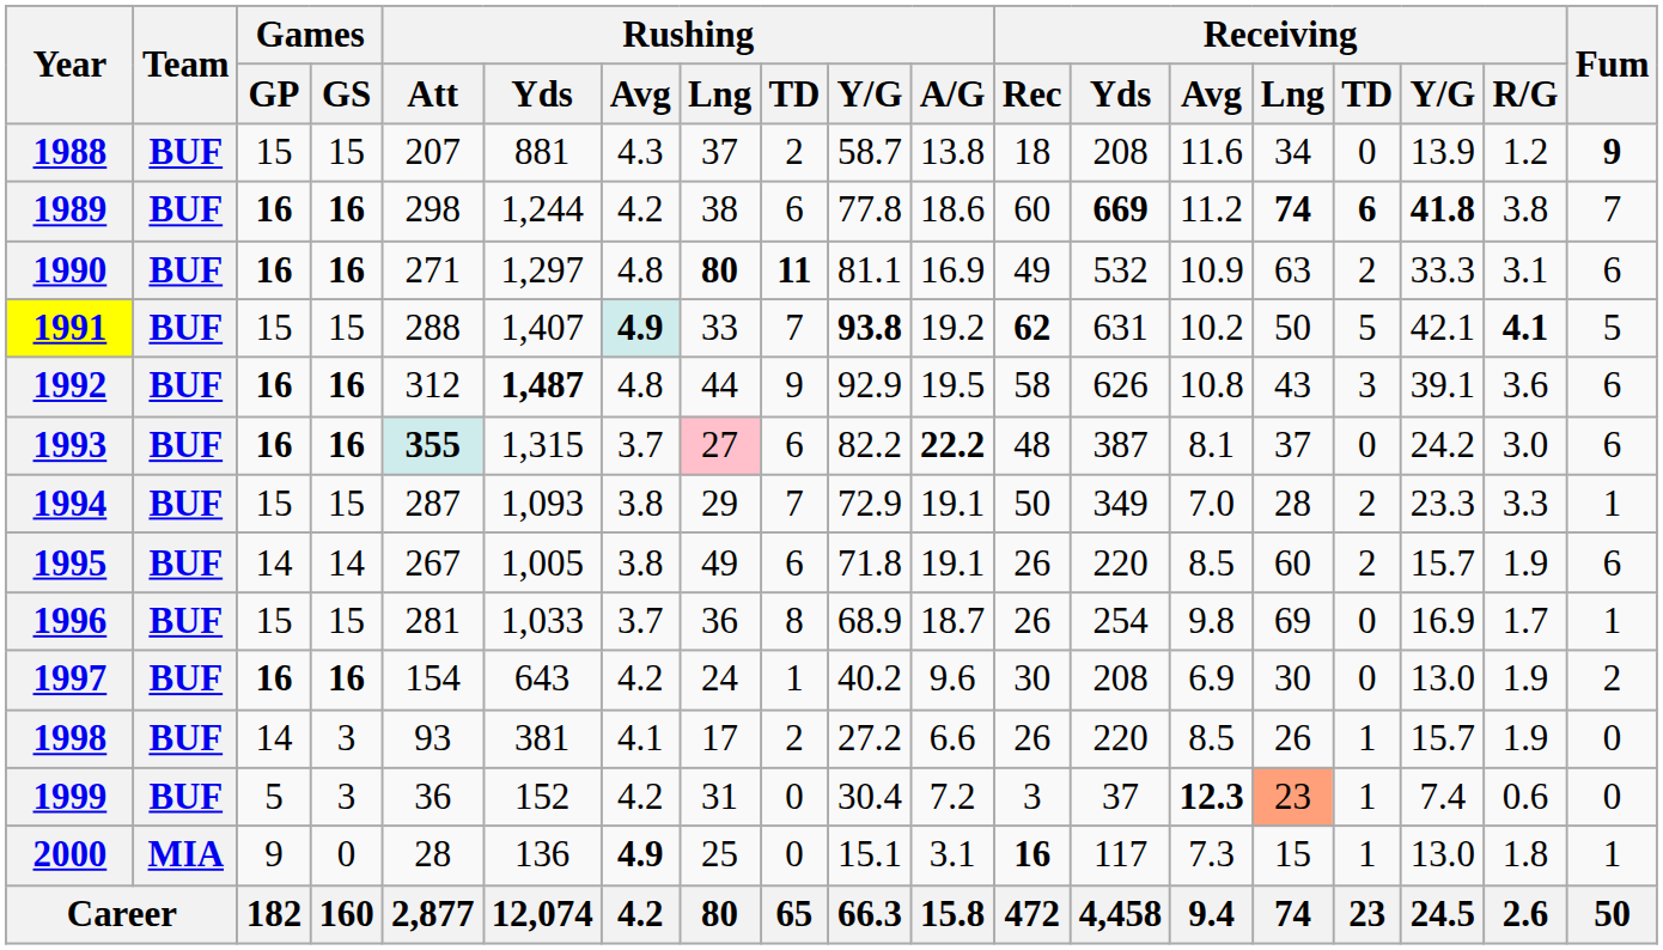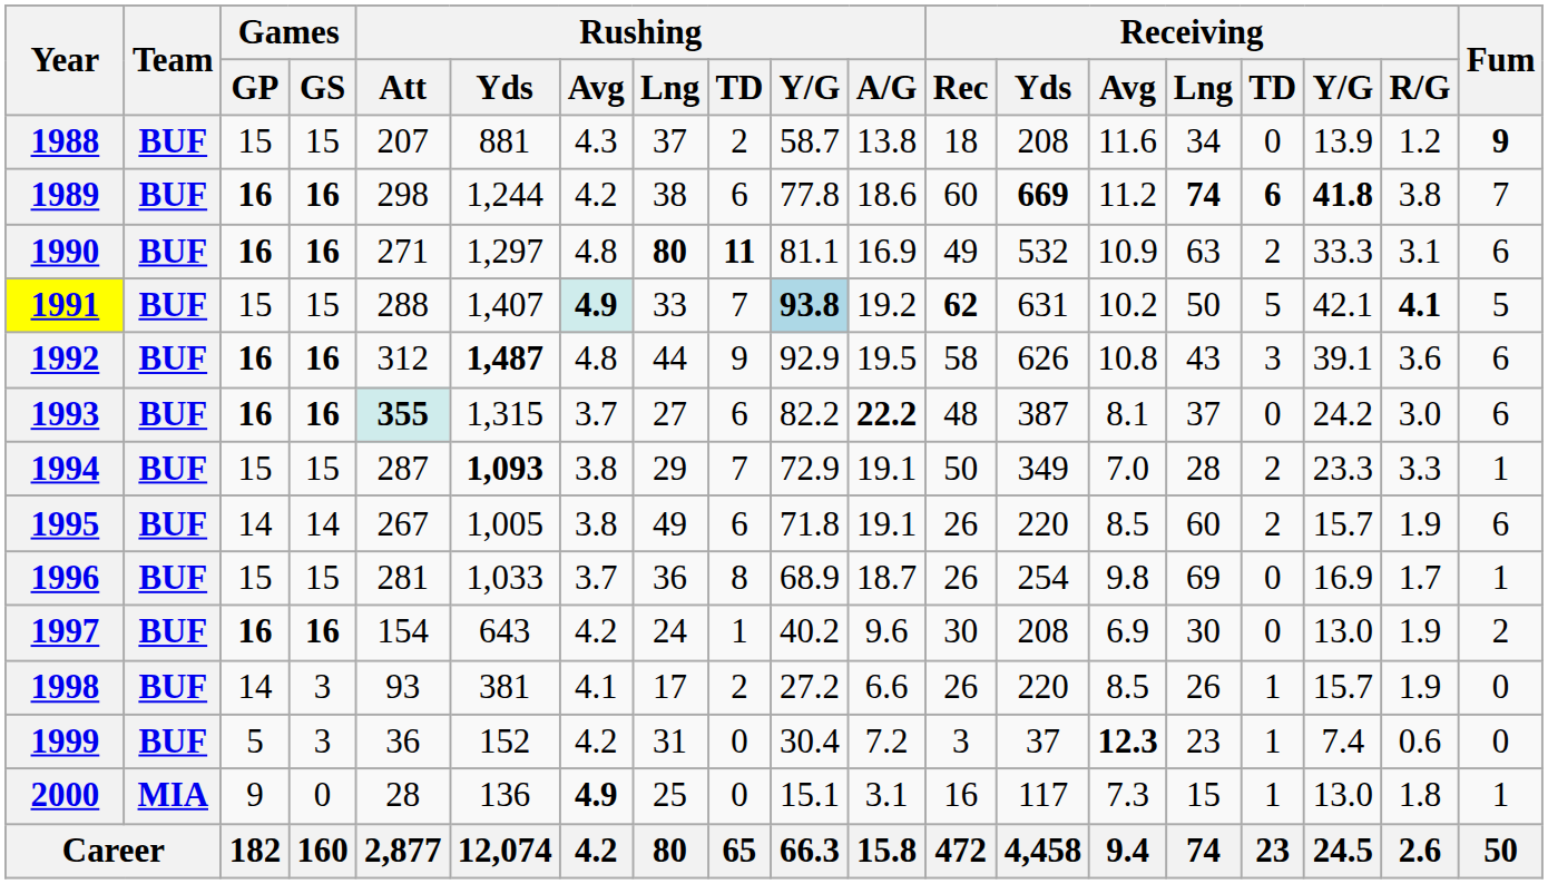 <table class="wikitable" style="text-align: center;">
 <tr>
 <th rowspan="2">Year</th>
 <th rowspan="2">Team</th>
 <th colspan="2">Games</th>
 <th colspan="7">Rushing</th>
 <th colspan="7">Receiving</th>
 <th rowspan="2">Fum</th>
 </tr>
 <tr>
 <th>GP</th>
 <th>GS</th>
 <th>Att</th>
 <th>Yds</th>
 <th>Avg</th>
 <th>Lng</th>
 <th>TD</th>
 <th>Y/G</th>
 <th>A/G</th>
 <th>Rec</th>
 <th>Yds</th>
 <th>Avg</th>
 <th>Lng</th>
 <th>TD</th>
 <th>Y/G</th>
 <th>R/G</th>
 </tr>
 <tr>
 <th><a href='#'>1988</a></th>
 <th><a href='#'>BUF</a></th>
 <td>15</td>
 <td>15</td>
 <td>207</td>
 <td>881</td>
 <td>4.3</td>
 <td>37</td>
 <td>2</td>
 <td>58.7</td>
 <td>13.8</td>
 <td>18</td>
 <td>208</td>
 <td>11.6</td>
 <td>34</td>
 <td>0</td>
 <td>13.9</td>
 <td>1.2</td>
 <td><strong>9</strong></td>
 </tr>
 <tr>
 <th><a href='#'>1989</a></th>
 <th><a href='#'>BUF</a></th>
 <td><strong>16</strong></td>
 <td><strong>16</strong></td>
 <td>298</td>
 <td>1,244</td>
 <td>4.2</td>
 <td>38</td>
 <td>6</td>
 <td>77.8</td>
 <td>18.6</td>
 <td>60</td>
 <td><strong>669</strong></td>
 <td>11.2</td>
 <td><strong>74</strong></td>
 <td><strong>6</strong></td>
 <td><strong>41.8</strong></td>
 <td>3.8</td>
 <td>7</td>
 </tr>
 <tr>
 <th><a href='#'>1990</a></th>
 <th><a href='#'>BUF</a></th>
 <td><strong>16</strong></td>
 <td><strong>16</strong></td>
 <td>271</td>
 <td>1,297</td>
 <td>4.8</td>
 <td><strong>80</strong></td>
 <td><strong>11</strong></td>
 <td>81.1</td>
 <td>16.9</td>
 <td>49</td>
 <td>532</td>
 <td>10.9</td>
 <td>63</td>
 <td>2</td>
 <td>33.3</td>
 <td>3.1</td>
 <td>6</td>
 </tr>
 <tr>
 <th style="background:#ffff00; width:3em;"><a href='#'>1991</a></th>
 <th><a href='#'>BUF</a></th>
 <td>15</td>
 <td>15</td>
 <td>288</td>
 <td>1,407</td>
 <td style="background:#cfecec;"><strong>4.9</strong></td>
 <td>33</td>
 <td>7</td>
-<td><strong>93.8</strong></td>
+<td style="background: lightblue;"><strong>93.8</strong></td>
 <td>19.2</td>
 <td><strong>62</strong></td>
 <td>631</td>
 <td>10.2</td>
 <td>50</td>
 <td>5</td>
 <td>42.1</td>
 <td><strong>4.1</strong></td>
 <td>5</td>
 </tr>
 <tr>
 <th><a href='#'>1992</a></th>
 <th><a href='#'>BUF</a></th>
 <td><strong>16</strong></td>
 <td><strong>16</strong></td>
 <td>312</td>
 <td><strong>1,487</strong></td>
 <td>4.8</td>
 <td>44</td>
 <td>9</td>
 <td>92.9</td>
 <td>19.5</td>
 <td>58</td>
 <td>626</td>
 <td>10.8</td>
 <td>43</td>
 <td>3</td>
 <td>39.1</td>
 <td>3.6</td>
 <td>6</td>
 </tr>
 <tr>
 <th><a href='#'>1993</a></th>
 <th><a href='#'>BUF</a></th>
 <td><strong>16</strong></td>
 <td><strong>16</strong></td>
 <td style="background:#cfecec;"><strong>355</strong></td>
 <td>1,315</td>
 <td>3.7</td>
-<td style="background: pink;">27</td>
+<td>27</td>
 <td>6</td>
 <td>82.2</td>
 <td><strong>22.2</strong></td>
 <td>48</td>
 <td>387</td>
 <td>8.1</td>
 <td>37</td>
 <td>0</td>
 <td>24.2</td>
 <td>3.0</td>
 <td>6</td>
 </tr>
 <tr>
 <th><a href='#'>1994</a></th>
 <th><a href='#'>BUF</a></th>
 <td>15</td>
 <td>15</td>
 <td>287</td>
-<td>1,093</td>
+<td><strong>1,093</strong></td>
 <td>3.8</td>
 <td>29</td>
 <td>7</td>
 <td>72.9</td>
 <td>19.1</td>
 <td>50</td>
 <td>349</td>
 <td>7.0</td>
 <td>28</td>
 <td>2</td>
 <td>23.3</td>
 <td>3.3</td>
 <td>1</td>
 </tr>
 <tr>
 <th><a href='#'>1995</a></th>
 <th><a href='#'>BUF</a></th>
 <td>14</td>
 <td>14</td>
 <td>267</td>
 <td>1,005</td>
 <td>3.8</td>
 <td>49</td>
 <td>6</td>
 <td>71.8</td>
 <td>19.1</td>
 <td>26</td>
 <td>220</td>
 <td>8.5</td>
 <td>60</td>
 <td>2</td>
 <td>15.7</td>
 <td>1.9</td>
 <td>6</td>
 </tr>
 <tr>
 <th><a href='#'>1996</a></th>
 <th><a href='#'>BUF</a></th>
 <td>15</td>
 <td>15</td>
 <td>281</td>
 <td>1,033</td>
 <td>3.7</td>
 <td>36</td>
 <td>8</td>
 <td>68.9</td>
 <td>18.7</td>
 <td>26</td>
 <td>254</td>
 <td>9.8</td>
 <td>69</td>
 <td>0</td>
 <td>16.9</td>
 <td>1.7</td>
 <td>1</td>
 </tr>
 <tr>
 <th><a href='#'>1997</a></th>
 <th><a href='#'>BUF</a></th>
 <td><strong>16</strong></td>
 <td><strong>16</strong></td>
 <td>154</td>
 <td>643</td>
 <td>4.2</td>
 <td>24</td>
 <td>1</td>
 <td>40.2</td>
 <td>9.6</td>
 <td>30</td>
 <td>208</td>
 <td>6.9</td>
 <td>30</td>
 <td>0</td>
 <td>13.0</td>
 <td>1.9</td>
 <td>2</td>
 </tr>
 <tr>
 <th><a href='#'>1998</a></th>
 <th><a href='#'>BUF</a></th>
 <td>14</td>
 <td>3</td>
 <td>93</td>
 <td>381</td>
 <td>4.1</td>
 <td>17</td>
 <td>2</td>
 <td>27.2</td>
 <td>6.6</td>
 <td>26</td>
 <td>220</td>
 <td>8.5</td>
 <td>26</td>
 <td>1</td>
 <td>15.7</td>
 <td>1.9</td>
 <td>0</td>
 </tr>
 <tr>
 <th><a href='#'>1999</a></th>
 <th><a href='#'>BUF</a></th>
 <td>5</td>
 <td>3</td>
 <td>36</td>
 <td>152</td>
 <td>4.2</td>
 <td>31</td>
 <td>0</td>
 <td>30.4</td>
 <td>7.2</td>
 <td>3</td>
 <td>37</td>
 <td><strong>12.3</strong></td>
-<td style="background: lightsalmon;">23</td>
+<td>23</td>
 <td>1</td>
 <td>7.4</td>
 <td>0.6</td>
 <td>0</td>
 </tr>
 <tr>
 <th><a href='#'>2000</a></th>
 <th><a href='#'>MIA</a></th>
 <td>9</td>
 <td>0</td>
 <td>28</td>
 <td>136</td>
 <td><strong>4.9</strong></td>
 <td>25</td>
 <td>0</td>
 <td>15.1</td>
 <td>3.1</td>
-<td><strong>16</strong></td>
+<td>16</td>
 <td>117</td>
 <td>7.3</td>
 <td>15</td>
 <td>1</td>
 <td>13.0</td>
 <td>1.8</td>
 <td>1</td>
 </tr>
 <tr>
 <th colspan="2">Career</th>
 <th>182</th>
 <th>160</th>
 <th>2,877</th>
 <th>12,074</th>
 <th>4.2</th>
 <th>80</th>
 <th>65</th>
 <th>66.3</th>
 <th>15.8</th>
 <th>472</th>
 <th>4,458</th>
 <th>9.4</th>
 <th>74</th>
 <th>23</th>
 <th>24.5</th>
 <th>2.6</th>
 <th>50</th>
 </tr>
 </table>
